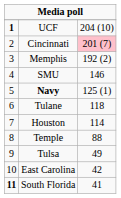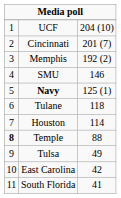 <table class="wikitable">
 <tr align="center">
 <td align="center" Colspan="3"><strong>Media poll</strong></td>
 </tr>
 <tr align="center">
 </tr>
 <tr align="center">
-<td><strong>1</strong></td>
+<td>1</td>
 <td>UCF</td>
 <td>204 (10)</td>
 </tr>
 <tr align="center">
 <td>2</td>
 <td>Cincinnati</td>
-<td style="background: pink;">201 (7)</td>
+<td>201 (7)</td>
 </tr>
 <tr align="center">
 <td>3</td>
 <td>Memphis</td>
 <td>192 (2)</td>
 </tr>
 <tr align="center">
 <td>4</td>
 <td>SMU</td>
 <td>146</td>
 </tr>
 <tr align="center">
 <td>5</td>
 <td><strong>Navy</strong></td>
 <td>125 (1)</td>
 </tr>
 <tr align="center">
 <td>6</td>
 <td>Tulane</td>
 <td>118</td>
 </tr>
 <tr align="center">
 <td>7</td>
 <td>Houston</td>
 <td>114</td>
 </tr>
 <tr align="center">
-<td>8</td>
+<td><strong>8</strong></td>
 <td>Temple</td>
 <td>88</td>
 </tr>
 <tr align="center">
 <td>9</td>
 <td>Tulsa</td>
 <td>49</td>
 </tr>
 <tr align="center">
 <td>10</td>
 <td>East Carolina</td>
 <td>42</td>
 </tr>
 <tr align="center">
-<td><strong>11</strong></td>
+<td>11</td>
 <td>South Florida</td>
 <td>41</td>
 </tr>
 </table>
